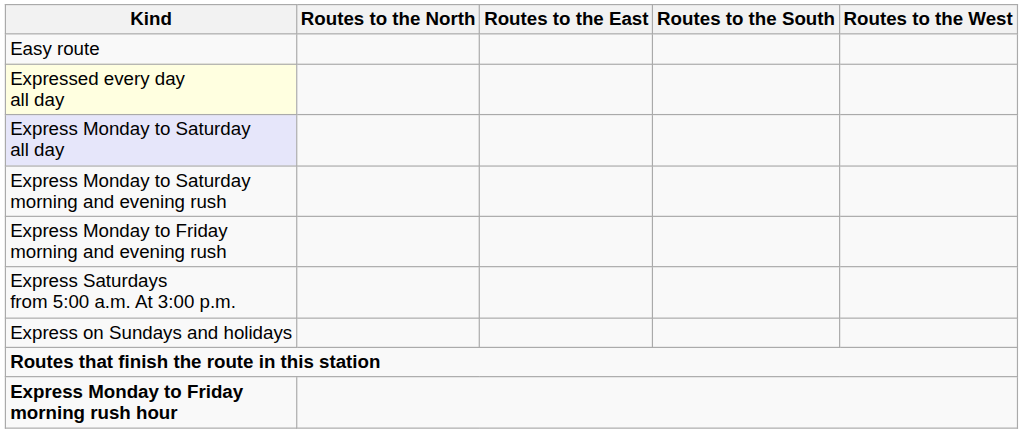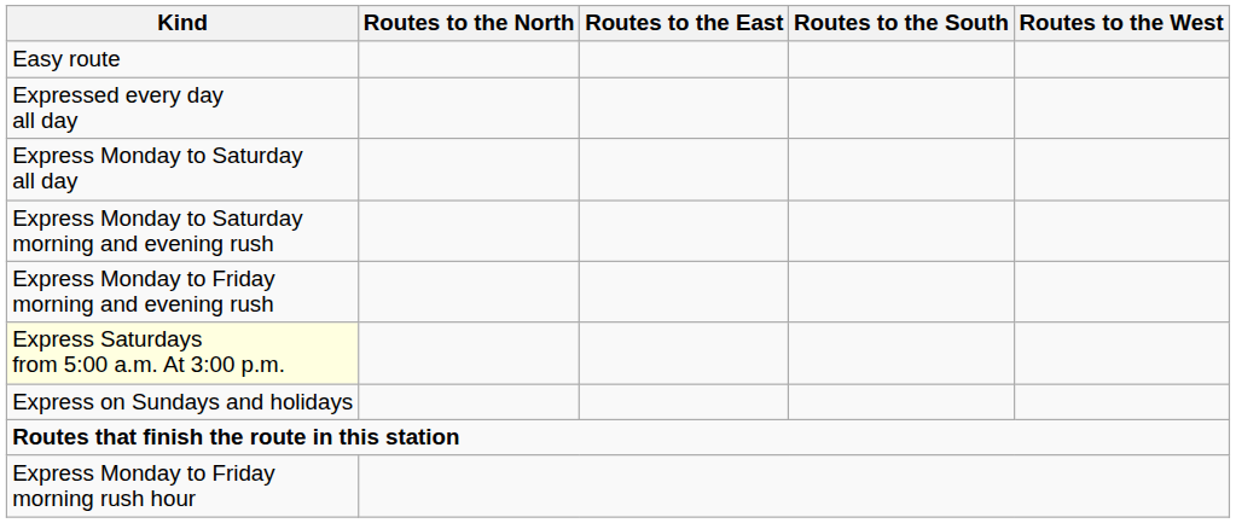 <table class="wikitable" style="margin-left: auto; margin-right: auto; border: none;">
 <tr>
 <th>Kind</th>
 <th>Routes to the North</th>
 <th>Routes to the East</th>
 <th>Routes to the South</th>
 <th>Routes to the West</th>
 </tr>
 <tr>
 <td>Easy route</td>
 <td> </td>
 <td></td>
 <td> </td>
 <td></td>
 </tr>
 <tr>
-<td style="background: lightyellow;">Expressed every day <br> all day</td>
+<td>Expressed every day <br> all day</td>
 <td></td>
 <td></td>
 <td></td>
 <td></td>
 </tr>
 <tr>
-<td style="background: lavender;">Express Monday to Saturday <br> all day</td>
+<td>Express Monday to Saturday <br> all day</td>
 <td></td>
 <td></td>
 <td></td>
 <td></td>
 </tr>
 <tr>
 <td>Express Monday to Saturday <br> morning and evening rush</td>
 <td></td>
 <td></td>
 <td></td>
 <td> </td>
 </tr>
 <tr>
 <td>Express Monday to Friday <br> morning and evening rush</td>
 <td></td>
 <td></td>
 <td></td>
 <td></td>
 </tr>
 <tr>
-<td>Express Saturdays <br> from 5:00 a.m. At 3:00 p.m.</td>
+<td style="background: lightyellow;">Express Saturdays <br> from 5:00 a.m. At 3:00 p.m.</td>
 <td></td>
 <td></td>
 <td></td>
 <td></td>
 </tr>
 <tr>
 <td>Express on Sundays and holidays</td>
 <td></td>
 <td></td>
 <td></td>
 <td></td>
 </tr>
 <tr>
 <td colspan="7"><strong>Routes that finish the route in this station</strong></td>
 </tr>
 <tr>
-<td><strong>Express Monday to Friday <br> morning rush hour</strong></td>
+<td>Express Monday to Friday <br> morning rush hour</td>
 <td colspan="6"></td>
 </tr>
 </table>
